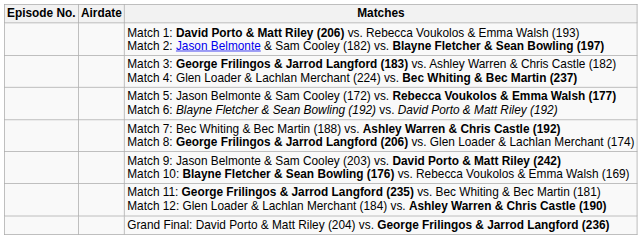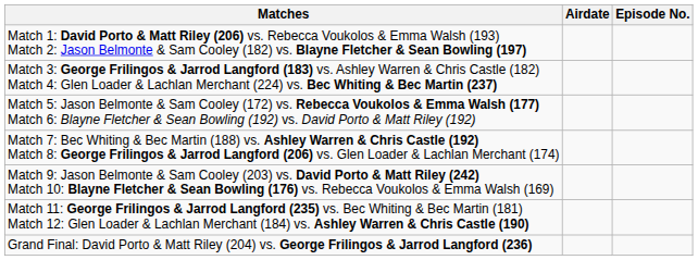 <table class="wikitable">
 <tr>
+<th>Matches</th>
+<th>Airdate</th>
 <th>Episode No.</th>
-<th>Airdate</th>
-<th>Matches</th>
 </tr>
 <tr>
+<td>Match 1: <strong>David Porto & Matt Riley (206)</strong> vs. Rebecca Voukolos & Emma Walsh (193)<br> Match 2: <a href='#'>Jason Belmonte</a> & Sam Cooley (182) vs. <strong>Blayne Fletcher & Sean Bowling (197)</strong></td>
 <td></td>
 <td></td>
-<td>Match 1: <strong>David Porto & Matt Riley (206)</strong> vs. Rebecca Voukolos & Emma Walsh (193)<br> Match 2: <a href='#'>Jason Belmonte</a> & Sam Cooley (182) vs. <strong>Blayne Fletcher & Sean Bowling (197)</strong></td>
 </tr>
 <tr>
+<td>Match 3: <strong>George Frilingos & Jarrod Langford (183)</strong> vs. Ashley Warren & Chris Castle (182)<br> Match 4: Glen Loader & Lachlan Merchant (224) vs. <strong>Bec Whiting & Bec Martin (237)</strong></td>
 <td></td>
 <td></td>
-<td>Match 3: <strong>George Frilingos & Jarrod Langford (183)</strong> vs. Ashley Warren & Chris Castle (182)<br> Match 4: Glen Loader & Lachlan Merchant (224) vs. <strong>Bec Whiting & Bec Martin (237)</strong></td>
 </tr>
 <tr>
+<td>Match 5: Jason Belmonte & Sam Cooley (172) vs. <strong>Rebecca Voukolos & Emma Walsh (177)</strong><br> Match 6: <em>Blayne Fletcher & Sean Bowling (192)</em> vs. <em>David Porto & Matt Riley (192)</em></td>
 <td></td>
 <td></td>
-<td>Match 5: Jason Belmonte & Sam Cooley (172) vs. <strong>Rebecca Voukolos & Emma Walsh (177)</strong><br> Match 6: <em>Blayne Fletcher & Sean Bowling (192)</em> vs. <em>David Porto & Matt Riley (192)</em></td>
 </tr>
 <tr>
+<td>Match 7: Bec Whiting & Bec Martin (188) vs. <strong>Ashley Warren & Chris Castle (192)</strong><br> Match 8: <strong>George Frilingos & Jarrod Langford (206)</strong> vs. Glen Loader & Lachlan Merchant (174)</td>
 <td></td>
 <td></td>
-<td>Match 7: Bec Whiting & Bec Martin (188) vs. <strong>Ashley Warren & Chris Castle (192)</strong><br> Match 8: <strong>George Frilingos & Jarrod Langford (206)</strong> vs. Glen Loader & Lachlan Merchant (174)</td>
 </tr>
 <tr>
+<td>Match 9: Jason Belmonte & Sam Cooley (203) vs. <strong>David Porto & Matt Riley (242)</strong> <br> Match 10: <strong>Blayne Fletcher & Sean Bowling (176)</strong> vs. Rebecca Voukolos & Emma Walsh (169)</td>
 <td></td>
 <td></td>
-<td>Match 9: Jason Belmonte & Sam Cooley (203) vs. <strong>David Porto & Matt Riley (242)</strong> <br> Match 10: <strong>Blayne Fletcher & Sean Bowling (176)</strong> vs. Rebecca Voukolos & Emma Walsh (169)</td>
 </tr>
 <tr>
+<td>Match 11: <strong>George Frilingos & Jarrod Langford (235)</strong> vs. Bec Whiting & Bec Martin (181) <br> Match 12: Glen Loader & Lachlan Merchant (184) vs. <strong>Ashley Warren & Chris Castle (190)</strong></td>
 <td></td>
 <td></td>
-<td>Match 11: <strong>George Frilingos & Jarrod Langford (235)</strong> vs. Bec Whiting & Bec Martin (181) <br> Match 12: Glen Loader & Lachlan Merchant (184) vs. <strong>Ashley Warren & Chris Castle (190)</strong></td>
 </tr>
 <tr>
+<td>Grand Final: David Porto & Matt Riley (204) vs. <strong>George Frilingos & Jarrod Langford (236)</strong></td>
 <td></td>
 <td></td>
-<td>Grand Final: David Porto & Matt Riley (204) vs. <strong>George Frilingos & Jarrod Langford (236)</strong></td>
 </tr>
 </table>
